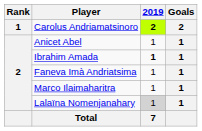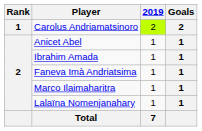 <table class="wikitable" style="font-size:99%; text-align:center">
 <tr>
 <th>Rank</th>
 <th>Player</th>
 <th><a href='#'>2019</a></th>
 <th>Goals</th>
 </tr>
 <tr>
 <th>1</th>
 <td align="left"><a href='#'>Carolus Andriamatsinoro</a></td>
-<td bgcolor=bfff00><strong>2</strong></td>
+<td bgcolor=bfff00>2</td>
 <th>2</th>
 </tr>
 <tr>
 <th rowspan="5">2</th>
 <td align="left"><a href='#'>Anicet Abel</a></td>
 <td>1</td>
 <th>1</th>
 </tr>
 <tr>
 <td align="left"><a href='#'>Ibrahim Amada</a></td>
-<td><strong>1</strong></td>
+<td>1</td>
 <th>1</th>
 </tr>
 <tr>
 <td align="left"><a href='#'>Faneva Imà Andriatsima</a></td>
 <td>1</td>
 <th>1</th>
 </tr>
 <tr>
 <td align="left"><a href='#'>Marco Ilaimaharitra</a></td>
 <td>1</td>
 <th>1</th>
 </tr>
 <tr>
 <td align="left"><a href='#'>Lalaïna Nomenjanahary</a></td>
-<td style="background: lightgrey;">1</td>
+<td>1</td>
 <th>1</th>
 </tr>
 <tr>
 <th></th>
 <th>Total</th>
 <th>7</th>
 <th></th>
 </tr>
 </table>
